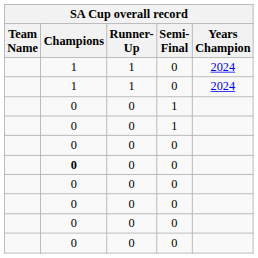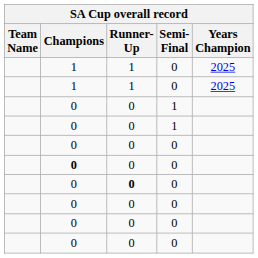 <table class="wikitable sortable" style="text-align:center; width:50%;">
 <tr>
 <th colspan=5>SA Cup overall record</th>
 </tr>
 <tr>
 <th style="width:40%;">Team Name</th>
 <th style="width:15%;">Champions</th>
 <th style="width:15%;">Runner-Up</th>
 <th style="width:15%;">Semi-Final</th>
 <th style="width:15%;">Years Champion</th>
 </tr>
 <tr>
 <td style="text-align:left"></td>
 <td>1</td>
 <td>1</td>
 <td>0</td>
-<td><a href='#'>2024</a></td>
+<td><a href='#'>2025</a></td>
 </tr>
 <tr>
 <td style="text-align:left"></td>
 <td>1</td>
 <td>1</td>
 <td>0</td>
-<td><a href='#'>2024</a></td>
+<td><a href='#'>2025</a></td>
 </tr>
 <tr>
 <td style="text-align:left"></td>
 <td>0</td>
 <td>0</td>
 <td>1</td>
 <td></td>
 </tr>
 <tr>
 <td style="text-align:left"></td>
 <td>0</td>
 <td>0</td>
 <td>1</td>
 <td></td>
 </tr>
 <tr>
 <td style="text-align:left"></td>
 <td>0</td>
 <td>0</td>
 <td>0</td>
 <td></td>
 </tr>
 <tr>
 <td style="text-align:left"></td>
 <td><strong>0</strong></td>
 <td>0</td>
 <td>0</td>
 <td></td>
 </tr>
 <tr>
 <td style="text-align:left"></td>
 <td>0</td>
-<td>0</td>
+<td><strong>0</strong></td>
 <td>0</td>
 <td></td>
 </tr>
 <tr>
 <td style="text-align:left"></td>
 <td>0</td>
 <td>0</td>
 <td>0</td>
 <td></td>
 </tr>
 <tr>
 <td style="text-align:left"></td>
 <td>0</td>
 <td>0</td>
 <td>0</td>
 <td></td>
 </tr>
 <tr>
 <td style="text-align:left"></td>
 <td>0</td>
 <td>0</td>
 <td>0</td>
 <td></td>
 </tr>
 </table>
